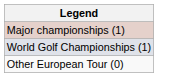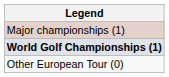 <table class="wikitable" style="font-size:95%;">
 <tr>
 <th>Legend</th>
 </tr>
 <tr style="background:#e5d1cb;">
 <td>Major championships (1)</td>
 </tr>
 <tr style="background:#dfe2e9;">
-<td>World Golf Championships (1)</td>
+<td><strong>World Golf Championships (1)</strong></td>
 </tr>
 <tr>
 <td>Other European Tour (0)</td>
 </tr>
 </table>
